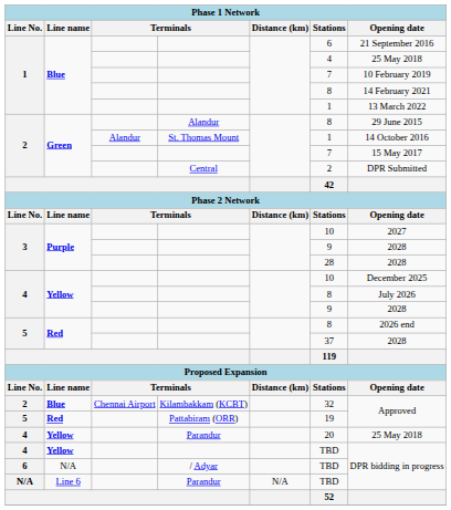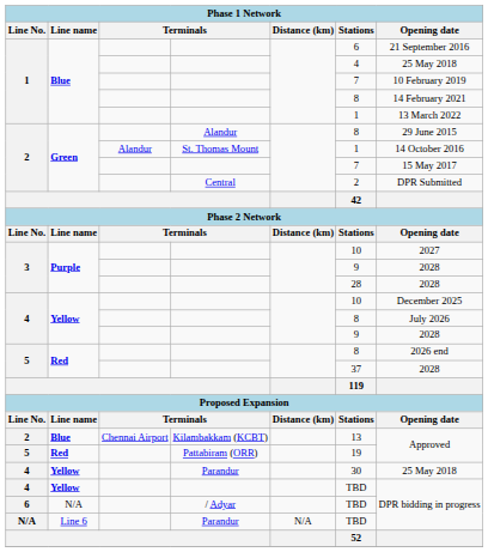 <table class="wikitable sortable" style="font-size:85%;margin:auto">
 <tr>
 <th colspan="7" style="background:#ADD8E6;">Phase 1 Network</th>
 </tr>
 <tr>
 <th>Line No.</th>
 <th>Line name</th>
 <th colspan="2">Terminals</th>
 <th>Distance (km)</th>
 <th>Stations</th>
 <th>Opening date</th>
 </tr>
 <tr>
 <th rowspan="5">1</th>
 <td rowspan="5" style="background:#"><a href='#'><span><strong>Blue</strong></span></a></td>
 <td style="text-align:center;"></td>
 <td style="text-align:center;"></td>
 <td rowspan="5"></td>
 <td style="text-align: center;">6</td>
 <td style="text-align:center;">21 September 2016</td>
 </tr>
 <tr>
 <td style="text-align:center;"></td>
 <td style="text-align:center;"></td>
 <td style="text-align: center;">4</td>
 <td style="text-align:center;">25 May 2018</td>
 </tr>
 <tr>
 <td style="text-align:center;"></td>
 <td style="text-align:center;"></td>
 <td style="text-align: center;">7</td>
 <td style="text-align:center;">10 February 2019</td>
 </tr>
 <tr>
 <td style="text-align:center;"></td>
 <td style="text-align:center;"></td>
 <td style="text-align: center;">8</td>
 <td style="text-align:center;">14 February 2021</td>
 </tr>
 <tr>
 <td style="text-align:center;"></td>
 <td style="text-align:center;"></td>
 <td style="text-align: center;">1</td>
 <td style="text-align:center;">13 March 2022</td>
 </tr>
 <tr>
 <th rowspan="4">2</th>
 <td rowspan="4" style="background:#"><a href='#'><span><strong>Green</strong></span></a></td>
 <td style="text-align:center;"></td>
 <td style="text-align:center;"><a href='#'>Alandur</a></td>
 <td rowspan="4"></td>
 <td style="text-align: center;">8</td>
 <td style="text-align:center;">29 June 2015</td>
 </tr>
 <tr>
 <td style="text-align:center;"><a href='#'>Alandur</a></td>
 <td style="text-align:center;"><a href='#'>St. Thomas Mount</a></td>
 <td style="text-align:center;">1</td>
 <td style="text-align:center;">14 October 2016</td>
 </tr>
 <tr>
 <td style="text-align:center;"></td>
 <td style="text-align:center;"></td>
 <td style="text-align: center;">7</td>
 <td style="text-align:center;">15 May 2017</td>
 </tr>
 <tr>
 <td style="text-align:center;"></td>
 <td style="text-align:center;"><a href='#'>Central</a></td>
 <td style="text-align: center;">2</td>
 <td style="text-align: center;">DPR Submitted</td>
 </tr>
 <tr>
 <th colspan="4"></th>
 <th></th>
 <th>42</th>
 <th></th>
 </tr>
 <tr>
 <th colspan="7" style="background:#ADD8E6;">Phase 2 Network</th>
 </tr>
 <tr>
 <th>Line No.</th>
 <th>Line name</th>
 <th colspan="2">Terminals</th>
 <th>Distance (km)</th>
 <th>Stations</th>
 <th>Opening date</th>
 </tr>
 <tr>
 <th rowspan="3">3</th>
 <td rowspan="3" style="background:#"><a href='#'><span><strong>Purple</strong></span></a></td>
 <td style="text-align: center;"></td>
 <td style="text-align: center;"></td>
 <td rowspan="3"></td>
 <td style="text-align: center;">10</td>
 <td style="text-align:center;">2027</td>
 </tr>
 <tr>
 <td style="text-align: center;"></td>
 <td style="text-align: center;"></td>
 <td style="text-align: center;">9</td>
 <td style="text-align:center;">2028</td>
 </tr>
 <tr>
 <td style="text-align: center;"></td>
 <td style="text-align: center;"></td>
 <td style="text-align: center;">28</td>
 <td style="text-align:center;">2028</td>
 </tr>
 <tr>
 <th rowspan="3">4</th>
 <td rowspan="3" style="background:#"><a href='#'><span><strong>Yellow</strong></span></a></td>
 <td style="text-align: center;"></td>
 <td style="text-align: center;"></td>
 <td rowspan="3"></td>
 <td style="text-align: center;">10</td>
 <td style="text-align:center;">December 2025</td>
 </tr>
 <tr>
 <td style="text-align:center;"></td>
 <td style="text-align: center;"></td>
 <td style="text-align:center;">8</td>
 <td style="text-align:center;">July 2026</td>
 </tr>
 <tr>
 <td style="text-align:center;"></td>
 <td style="text-align: center;"></td>
 <td style="text-align:center;">9</td>
 <td style="text-align:center;">2028</td>
 </tr>
 <tr>
 <th rowspan="2">5</th>
 <td rowspan="2" style="background:#"><a href='#'><span><strong>Red</strong></span></a></td>
 <td style="text-align: center;"></td>
 <td style="text-align: center;"></td>
 <td rowspan="2"></td>
 <td style="text-align: center;">8</td>
 <td style="text-align:center;">2026 end</td>
 </tr>
 <tr>
 <td style="text-align: center;"></td>
 <td style="text-align: center;"></td>
 <td style="text-align: center;">37</td>
 <td style="text-align:center;">2028</td>
 </tr>
 <tr>
 <th colspan="4"></th>
 <th></th>
 <th>119</th>
 <th></th>
 </tr>
 <tr>
 <th colspan="7" style="background:#ADD8E6;">Proposed Expansion</th>
 </tr>
 <tr>
 <th>Line No.</th>
 <th>Line name</th>
 <th colspan="2">Terminals</th>
 <th>Distance (km)</th>
 <th>Stations</th>
 <th>Opening date</th>
 </tr>
 <tr>
 <th>2</th>
 <td style="background:#"><a href='#'><span><strong>Blue</strong></span></a></td>
 <td style="text-align: center;"><a href='#'>Chennai Airport</a></td>
 <td style="text-align: center;"><a href='#'>Kilambakkam</a> (<a href='#'>KCBT</a>)</td>
 <td></td>
-<td style="text-align: center;">32</td>
+<td style="text-align: center;">13</td>
 <td rowspan="2" style="text-align:center;">Approved</td>
 </tr>
 <tr>
 <th>5</th>
 <td style="background:#"><a href='#'><span><strong>Red</strong></span></a></td>
 <td style="text-align: center;"></td>
 <td style="text-align: center;"><a href='#'>Pattabiram</a> (<a href='#'>ORR</a>)</td>
 <td></td>
 <td style="text-align: center;">19</td>
 </tr>
 <tr>
 <th>4</th>
 <td style="background:#"><a href='#'><span><strong>Yellow</strong></span></a></td>
 <td style="text-align: center;"></td>
 <td style="text-align: center;"><a href='#'>Parandur</a></td>
 <td></td>
-<td style="text-align: center;">20</td>
+<td style="text-align: center;">30</td>
 <td style="text-align:center;">25 May 2018</td>
 </tr>
 <tr>
 <th>4</th>
 <td style="background:#"><a href='#'><span><strong>Yellow</strong></span></a></td>
 <td style="text-align: center;"></td>
 <td style="text-align: center;"></td>
 <td style="text-align: center;"></td>
 <td style="text-align: center;">TBD</td>
 <td rowspan="3" style="text-align: center;">DPR bidding in progress</td>
 </tr>
 <tr>
 <th>6</th>
 <td style="text-align: center;">N/A</td>
 <td style="text-align: center;"></td>
 <td style="text-align: center;"> / <a href='#'>Adyar</a></td>
 <td style="text-align: center;"></td>
 <td style="text-align: center;">TBD</td>
 </tr>
 <tr>
 <th>N/A</th>
 <td style="text-align: center;"><a href='#'>Line 6</a></td>
 <td style="text-align: center;"></td>
 <td style="text-align: center;"><a href='#'>Parandur</a></td>
 <td style="text-align: center;">N/A</td>
 <td style="text-align: center;">TBD</td>
 </tr>
 <tr>
 <th colspan="4"></th>
 <th></th>
 <th>52</th>
 <th></th>
 </tr>
 <tr>
 </tr>
 </table>
